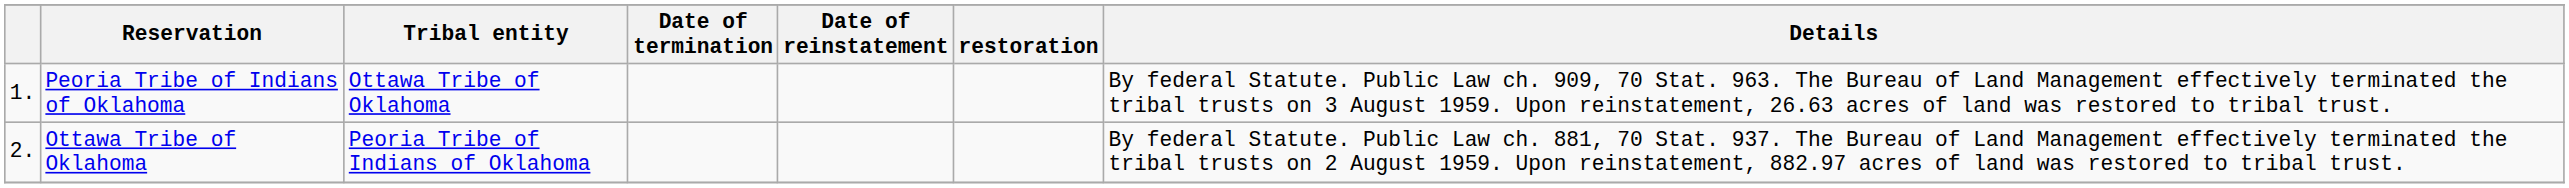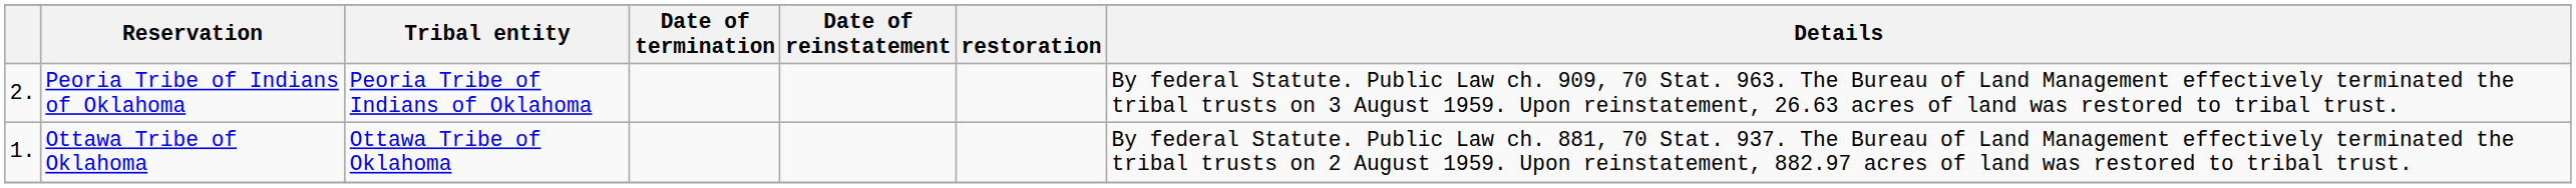 <table class="wikitable sortable">
 <tr>
 </tr>
 <tr>
 <th></th>
 <th>Reservation</th>
 <th>Tribal entity</th>
 <th>Date of<br>termination</th>
 <th>Date of<br>reinstatement</th>
 <th><br>restoration</th>
 <th>Details</th>
 </tr>
 <tr>
-<td>1.</td>
+<td>2.</td>
 <td><a href='#'>Peoria Tribe of Indians of Oklahoma</a></td>
-<td><a href='#'>Ottawa Tribe of Oklahoma</a></td>
+<td><a href='#'>Peoria Tribe of Indians of Oklahoma</a></td>
 <td></td>
 <td></td>
 <td></td>
 <td>By federal Statute. Public Law ch. 909, 70 Stat. 963. The Bureau of Land Management effectively terminated the tribal trusts on 3 August 1959. Upon reinstatement, 26.63 acres of land was restored to tribal trust.</td>
 </tr>
 <tr>
-<td>2.</td>
+<td>1.</td>
 <td><a href='#'>Ottawa Tribe of Oklahoma</a></td>
-<td><a href='#'>Peoria Tribe of Indians of Oklahoma</a></td>
+<td><a href='#'>Ottawa Tribe of Oklahoma</a></td>
 <td></td>
 <td></td>
 <td></td>
 <td>By federal Statute. Public Law ch.  881, 70 Stat. 937. The Bureau of Land Management effectively terminated the tribal trusts on 2 August 1959. Upon reinstatement, 882.97 acres of land was restored to tribal trust.</td>
 </tr>
 <tr>
 </tr>
 </table>
